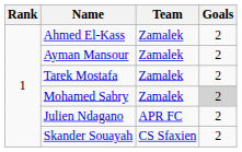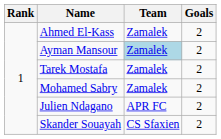 <table class="wikitable" style="text-align:center">
 <tr>
 <th>Rank</th>
 <th>Name</th>
 <th>Team</th>
 <th>Goals</th>
 </tr>
 <tr>
 <td rowspan=6>1</td>
 <td align="left"> <a href='#'>Ahmed El-Kass</a></td>
 <td align="left"> <a href='#'>Zamalek</a></td>
 <td>2</td>
 </tr>
 <tr>
 <td align="left"> <a href='#'>Ayman Mansour</a></td>
-<td align="left"> <a href='#'>Zamalek</a></td>
+<td align="left" style="background: lightblue;"> <a href='#'>Zamalek</a></td>
 <td>2</td>
 </tr>
 <tr>
 <td align="left"> <a href='#'>Tarek Mostafa</a></td>
 <td align="left"> <a href='#'>Zamalek</a></td>
 <td>2</td>
 </tr>
 <tr>
 <td align="left"> <a href='#'>Mohamed Sabry</a></td>
 <td align="left"> <a href='#'>Zamalek</a></td>
-<td style="background: lightgrey;">2</td>
+<td>2</td>
 </tr>
 <tr>
 <td align="left"> <a href='#'>Julien Ndagano</a></td>
 <td align="left"> <a href='#'>APR FC</a></td>
 <td>2</td>
 </tr>
 <tr>
 <td align="left"> <a href='#'>Skander Souayah</a></td>
 <td align="left"> <a href='#'>CS Sfaxien</a></td>
 <td>2</td>
 </tr>
 </table>
